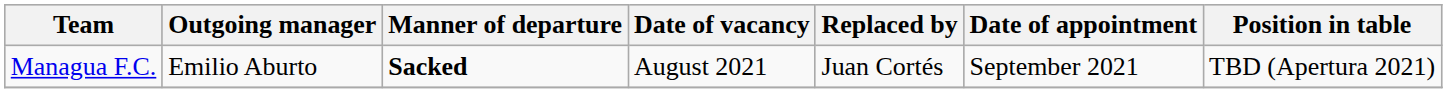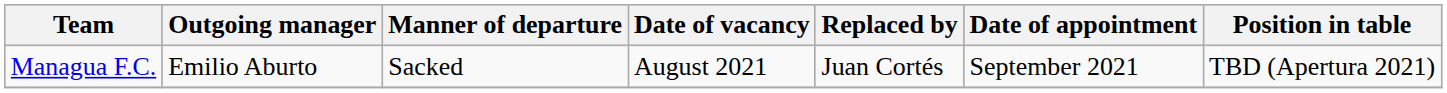 <table class="wikitable">
 <tr>
 <th>Team</th>
 <th>Outgoing manager</th>
 <th>Manner of departure</th>
 <th>Date of vacancy</th>
 <th>Replaced by</th>
 <th>Date of appointment</th>
 <th>Position in table</th>
 </tr>
 <tr>
 <td><a href='#'>Managua F.C.</a></td>
 <td> Emilio Aburto</td>
-<td><strong>Sacked</strong></td>
+<td>Sacked</td>
 <td>August 2021</td>
 <td> Juan Cortés</td>
 <td>September 2021</td>
 <td>TBD (Apertura 2021)</td>
 </tr>
 <tr>
 </tr>
 </table>
